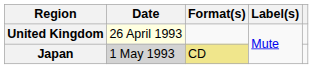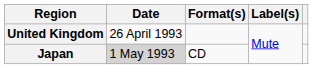 <table class="wikitable plainrowheaders">
 <tr>
 <th scope="col">Region</th>
 <th scope="col">Date</th>
 <th scope="col">Format(s)</th>
 <th scope="col">Label(s)</th>
 <th scope="col"></th>
 </tr>
 <tr>
 <th scope="row">United Kingdom</th>
-<td style="background: lightyellow;">26 April 1993</td>
+<td>26 April 1993</td>
 <td></td>
 <td rowspan="2"><a href='#'>Mute</a></td>
 <td></td>
 </tr>
 <tr>
 <th scope="row">Japan</th>
 <td style="background: lightgrey;">1 May 1993</td>
-<td style="background: khaki;">CD</td>
+<td>CD</td>
 <td></td>
 </tr>
 </table>
